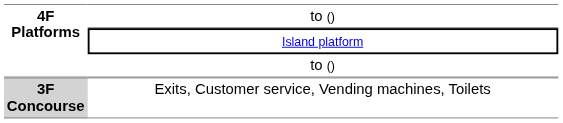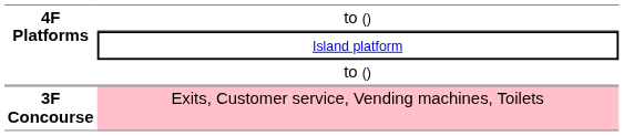 <table table border=0 cellspacing=0 cellpadding=3>
 <tr>
 <td style="border-bottom:solid 1px gray; border-top:solid 1px gray;text-align:center" rowspan="3" valign=top><strong>4F<br>Platforms</strong></td>
 <td style="border-bottom:solid 1px gray; border-top:solid 1px gray;text-align:center;">  to  <small>()</small></td>
 </tr>
 <tr>
 <td style="border-right:solid 2px black;border-left:solid 2px black;border-top:solid 2px black;border-bottom:solid 2px black;text-align:center;" colspan=2><small><a href='#'>Island platform</a></small></td>
 </tr>
 <tr>
 <td style="border-bottom:solid 1px gray;text-align:center;"> to  <small>()</small> </td>
 </tr>
 <tr>
-<td style="background: lightgrey; border-bottom:solid 1px gray; border-top:solid 1px gray;text-align:center" valign=top><strong>3F<br>Concourse</strong></td>
-<td style="border-bottom:solid 1px gray; border-top:solid 1px gray;text-align:center;" valign=top width=500>Exits, Customer service, Vending machines, Toilets</td>
+<td style="border-bottom:solid 1px gray; border-top:solid 1px gray;text-align:center" valign=top><strong>3F<br>Concourse</strong></td>
+<td style="background: pink; border-bottom:solid 1px gray; border-top:solid 1px gray;text-align:center;" valign=top width=500>Exits, Customer service, Vending machines, Toilets</td>
 </tr>
 </table>
